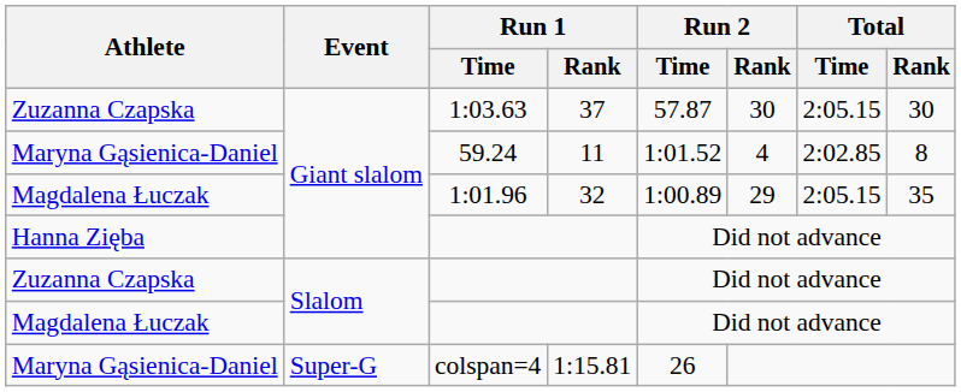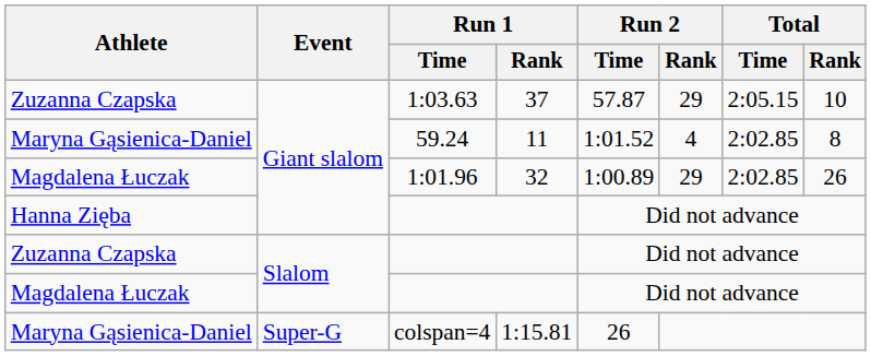 <table class="wikitable" style="font-size:90%; text-align:center">
 <tr>
 <th rowspan=2>Athlete</th>
 <th rowspan=2>Event</th>
 <th colspan=2>Run 1</th>
 <th colspan=2>Run 2</th>
 <th colspan=2>Total</th>
 </tr>
 <tr style="font-size:95%">
 <th>Time</th>
 <th>Rank</th>
 <th>Time</th>
 <th>Rank</th>
 <th>Time</th>
 <th>Rank</th>
 </tr>
 <tr>
 <td align=left><a href='#'>Zuzanna Czapska</a></td>
 <td align=left rowspan=4><a href='#'>Giant slalom</a></td>
 <td>1:03.63</td>
 <td>37</td>
 <td>57.87</td>
-<td>30</td>
+<td>29</td>
 <td>2:05.15</td>
-<td>30</td>
+<td>10</td>
 </tr>
 <tr>
 <td align=left><a href='#'>Maryna Gąsienica-Daniel</a></td>
 <td>59.24</td>
 <td>11</td>
 <td>1:01.52</td>
 <td>4</td>
 <td>2:02.85</td>
 <td>8</td>
 </tr>
 <tr>
 <td align=left><a href='#'>Magdalena Łuczak</a></td>
 <td>1:01.96</td>
 <td>32</td>
 <td>1:00.89</td>
 <td>29</td>
-<td>2:05.15</td>
-<td>35</td>
+<td>2:02.85</td>
+<td>26</td>
 </tr>
 <tr>
 <td align=left><a href='#'>Hanna Zięba</a></td>
 <td colspan=2></td>
 <td colspan=4>Did not advance</td>
 </tr>
 <tr>
 <td align=left><a href='#'>Zuzanna Czapska</a></td>
 <td align=left rowspan=2><a href='#'>Slalom</a></td>
 <td colspan=2></td>
 <td colspan=4>Did not advance</td>
 </tr>
 <tr>
 <td align=left><a href='#'>Magdalena Łuczak</a></td>
 <td colspan=2></td>
 <td colspan=4>Did not advance</td>
 </tr>
 <tr>
 <td align=left><a href='#'>Maryna Gąsienica-Daniel</a></td>
 <td align=left><a href='#'>Super-G</a></td>
 <td>colspan=4 </td>
 <td>1:15.81</td>
 <td>26</td>
 </tr>
 </table>
